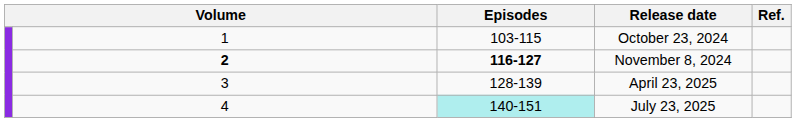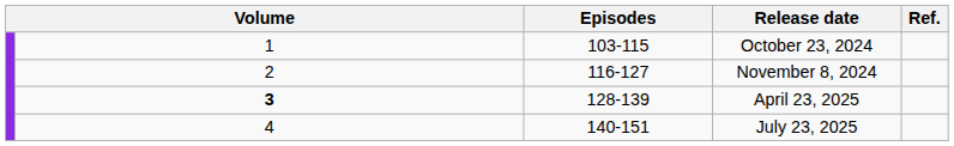 <table class="wikitable" style="text-align: center; width: 70%;">
 <tr>
 <th colspan="2">Volume</th>
 <th width="20%">Episodes</th>
 <th width="20%">Release date</th>
 <th width="5%">Ref.</th>
 </tr>
 <tr>
 <td rowspan="4" width="1%" style="background: #8A2BE2;"></td>
 <td>1</td>
 <td>103-115</td>
 <td>October 23, 2024</td>
 <td></td>
 </tr>
 <tr>
-<td><strong>2</strong></td>
-<td><strong>116-127</strong></td>
+<td>2</td>
+<td>116-127</td>
 <td>November 8, 2024</td>
 <td></td>
 </tr>
 <tr>
-<td>3</td>
+<td><strong>3</strong></td>
 <td>128-139</td>
 <td>April 23, 2025</td>
 <td></td>
 </tr>
 <tr>
 <td>4</td>
-<td style="background: paleturquoise;">140-151</td>
+<td>140-151</td>
 <td>July 23, 2025</td>
 <td></td>
 </tr>
 </table>
